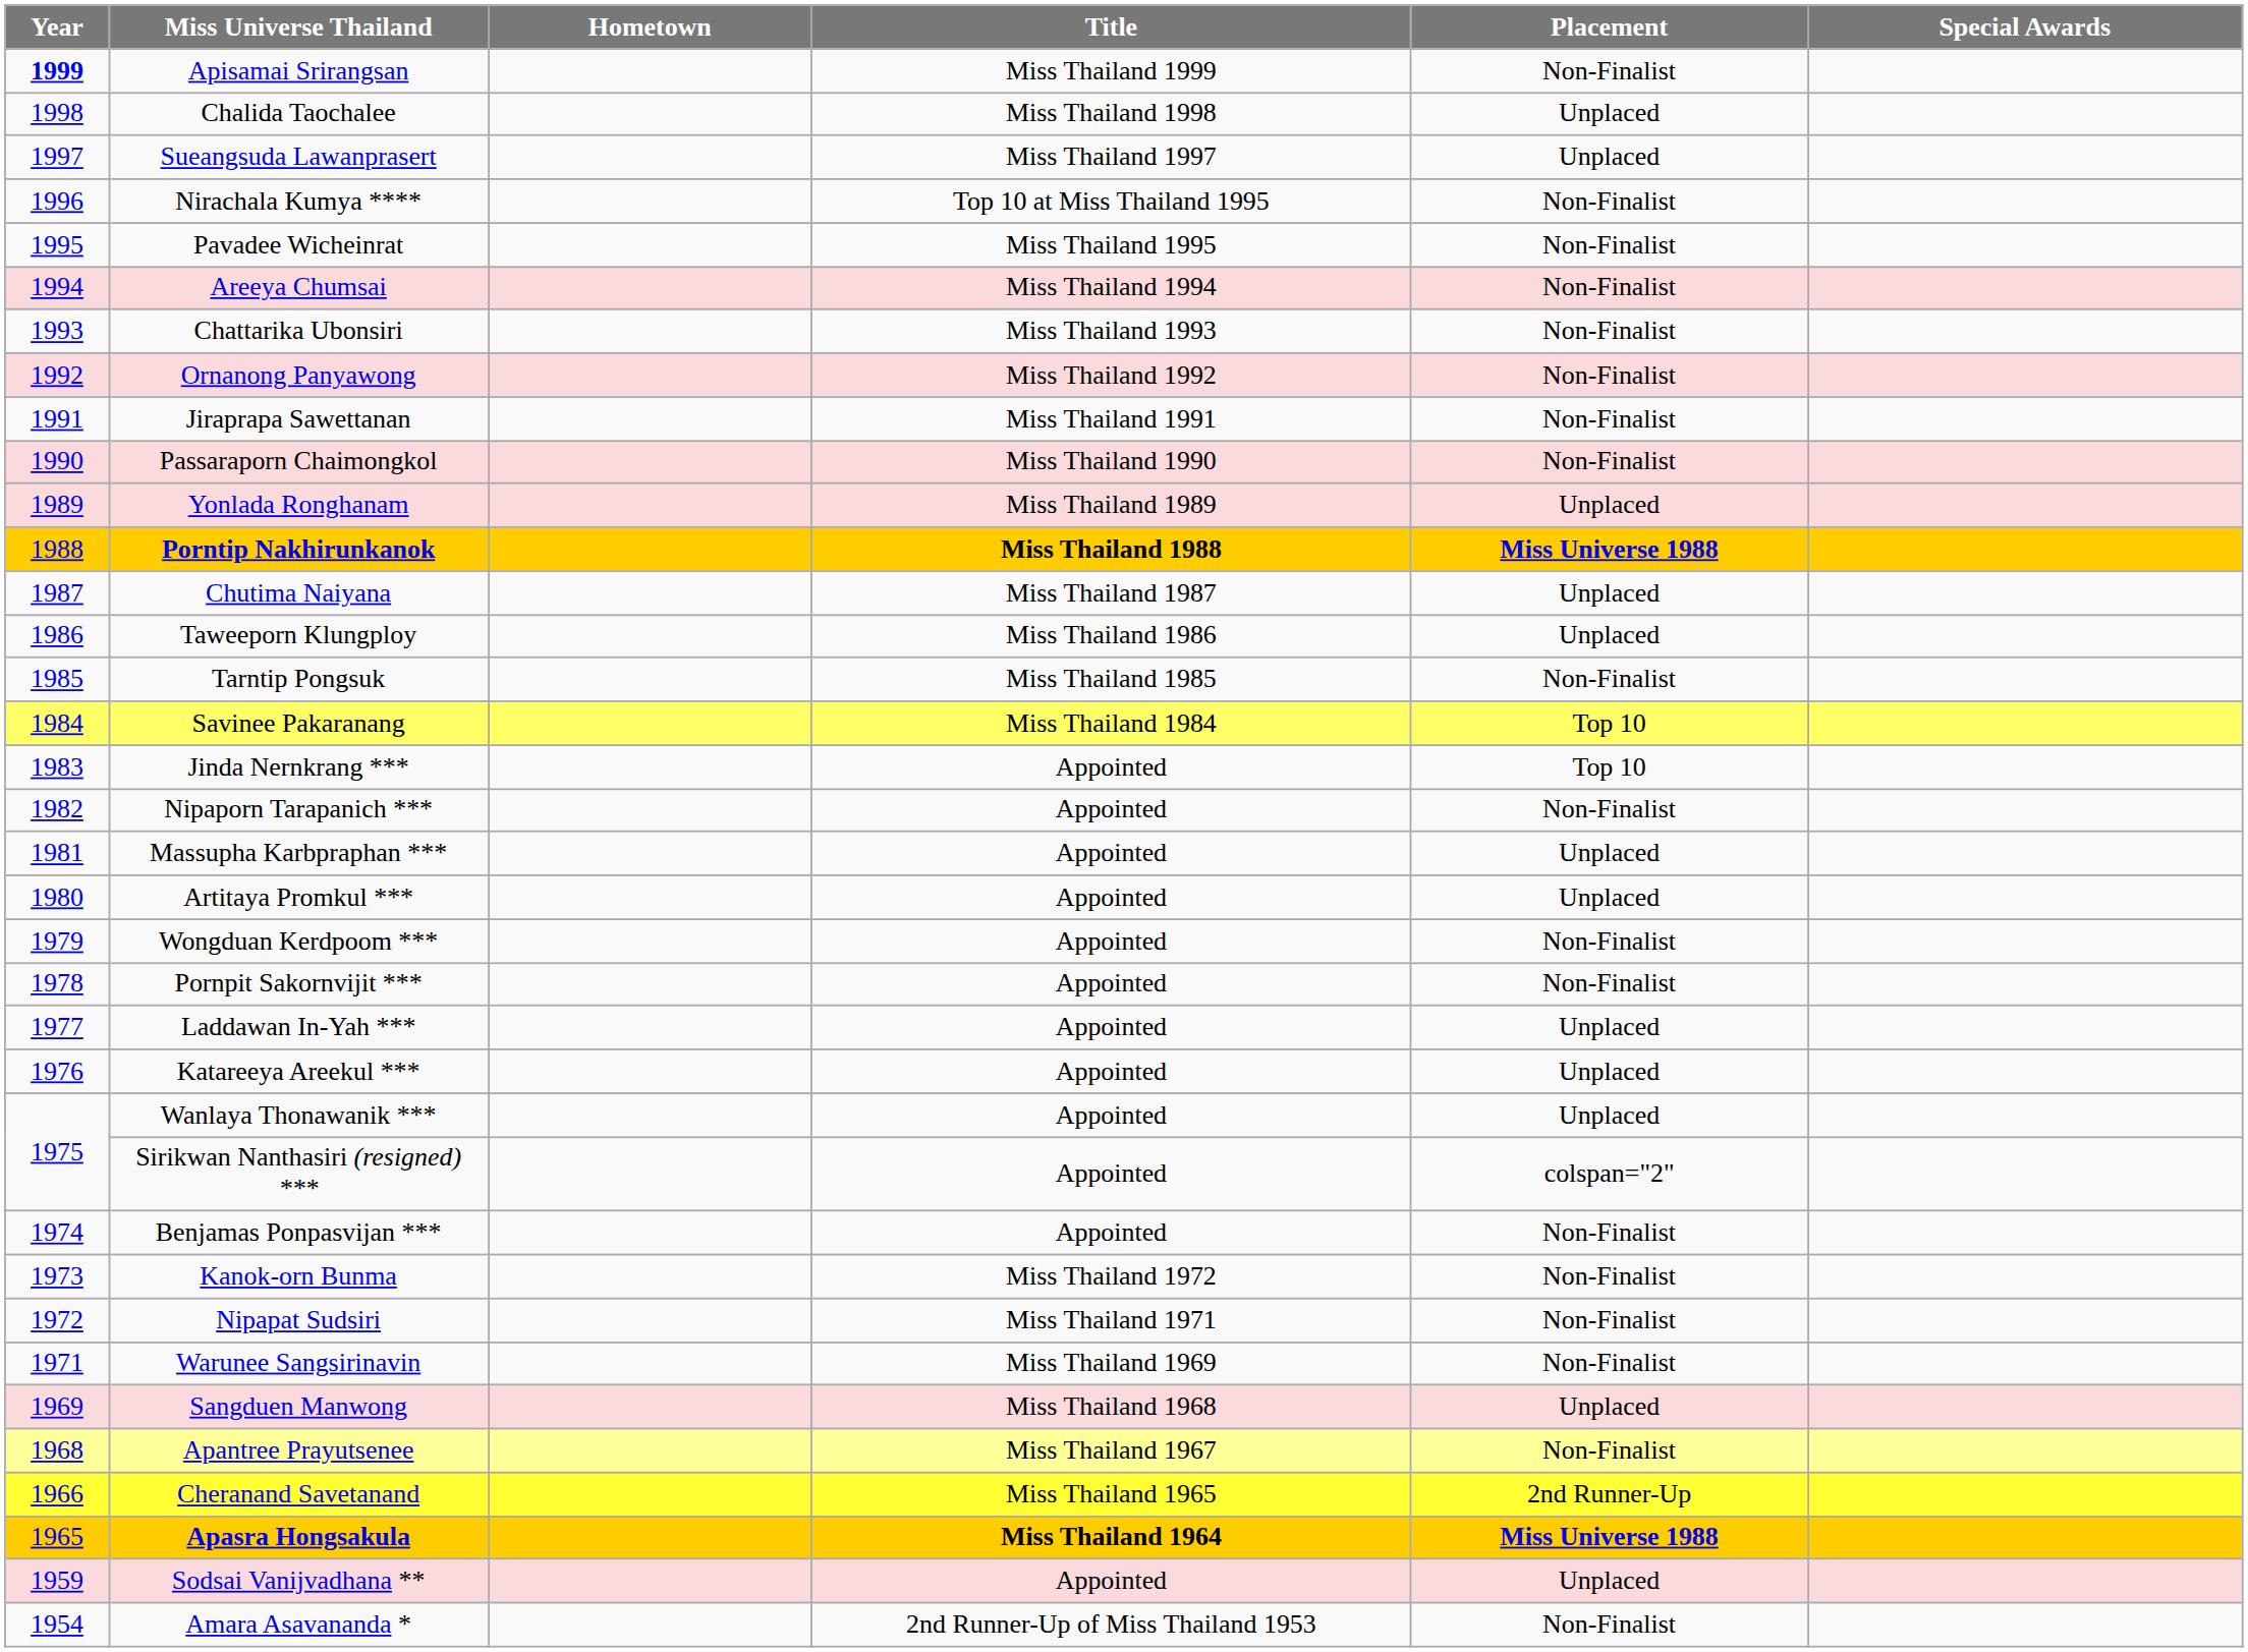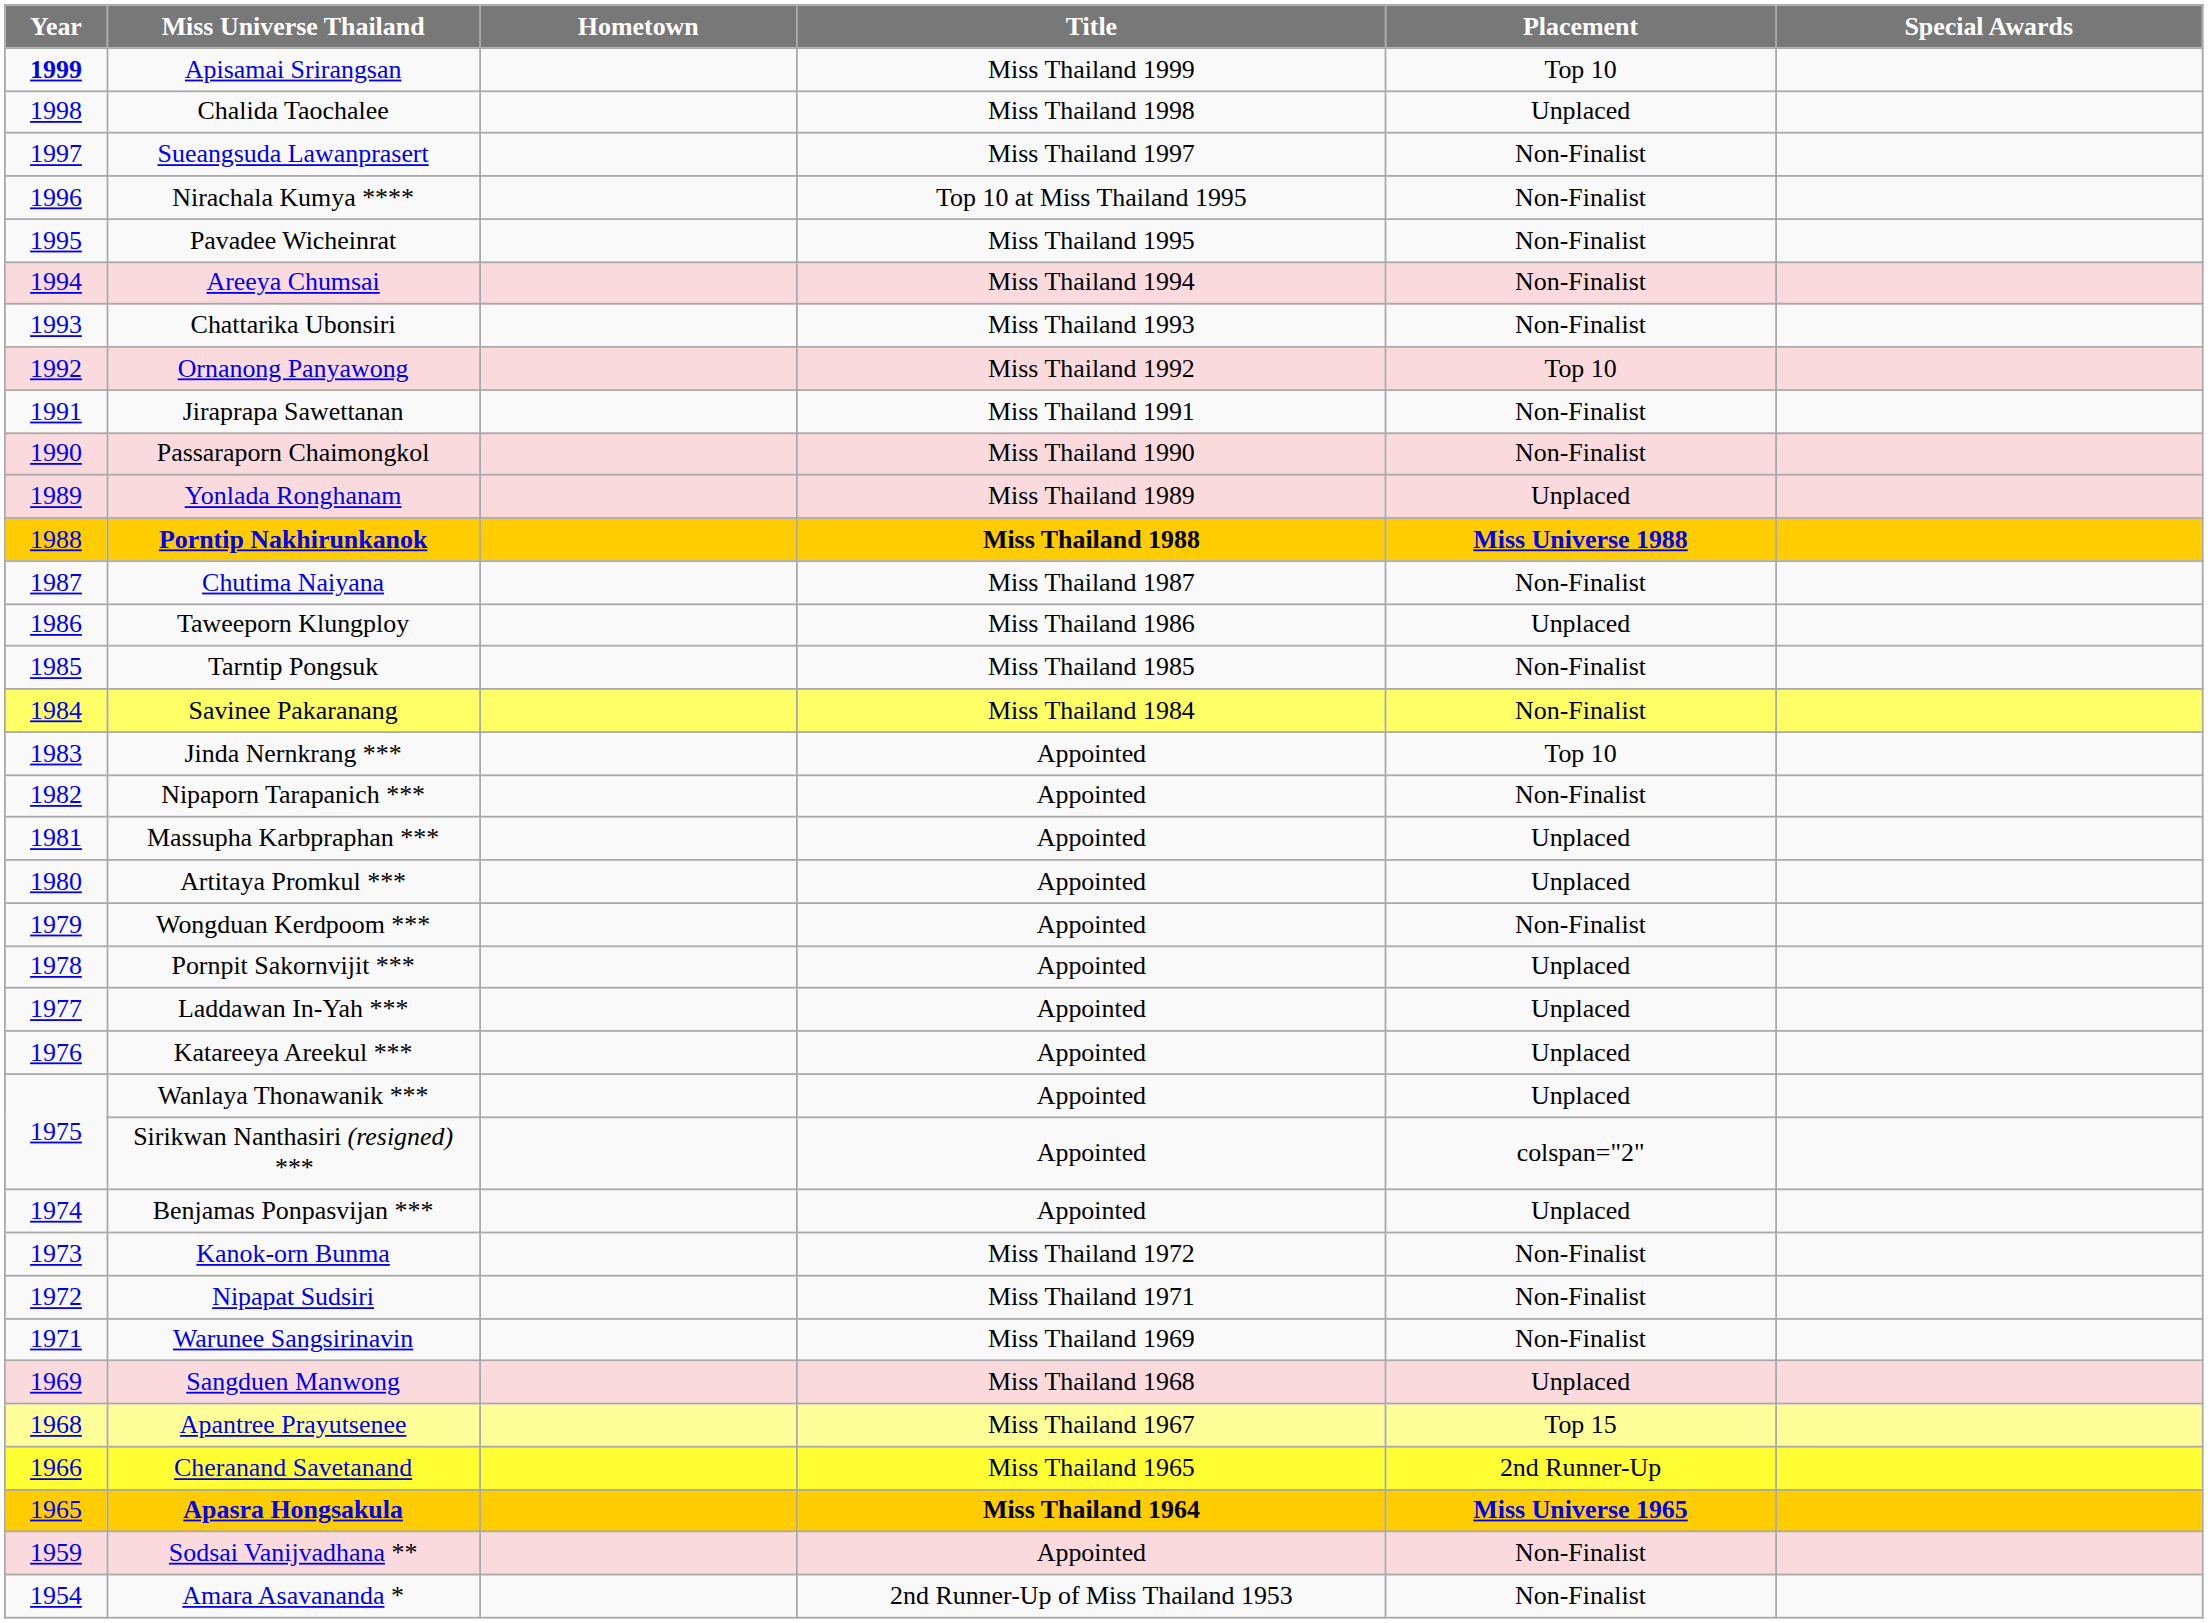 <table class="wikitable sortable" style="font-size: 90%; text-align:center">
 <tr>
 <th width="50" style="background-color:#787878;color:#FFFFFF;">Year</th>
 <th width="200" style="background-color:#787878;color:#FFFFFF;">Miss Universe Thailand</th>
 <th width="170" style="background-color:#787878;color:#FFFFFF;">Hometown</th>
 <th width="320" style="background-color:#787878;color:#FFFFFF;">Title</th>
 <th width="210" style="background-color:#787878;color:#FFFFFF;">Placement</th>
 <th width="230" style="background-color:#787878;color:#FFFFFF;">Special Awards</th>
 </tr>
 <tr>
 <td><strong><a href='#'>1999</a></strong></td>
 <td><a href='#'>Apisamai Srirangsan</a></td>
 <td align=left></td>
 <td>Miss Thailand 1999</td>
-<td align="center">Non-Finalist</td>
+<td align="center">Top 10</td>
 <td></td>
 </tr>
 <tr>
 <td><a href='#'>1998</a></td>
 <td>Chalida Taochalee</td>
 <td align=left></td>
 <td>Miss Thailand 1998</td>
 <td align="center">Unplaced</td>
 <td></td>
 </tr>
 <tr>
 <td><a href='#'>1997</a></td>
 <td><a href='#'>Sueangsuda Lawanprasert</a></td>
 <td align=left></td>
 <td>Miss Thailand 1997</td>
-<td align="center">Unplaced</td>
+<td align="center">Non-Finalist</td>
 <td></td>
 </tr>
 <tr>
 <td><a href='#'>1996</a></td>
 <td>Nirachala Kumya ****</td>
 <td align=left></td>
 <td>Top 10 at Miss Thailand 1995</td>
 <td align="center">Non-Finalist</td>
 <td></td>
 </tr>
 <tr>
 <td><a href='#'>1995</a></td>
 <td>Pavadee Wicheinrat</td>
 <td align=left></td>
 <td>Miss Thailand 1995</td>
 <td align="center">Non-Finalist</td>
 <td></td>
 </tr>
 <tr style="background-color:#FADADD;: bold">
 <td><a href='#'>1994</a></td>
 <td><a href='#'>Areeya Chumsai</a></td>
 <td align=left></td>
 <td>Miss Thailand 1994</td>
 <td align="center">Non-Finalist</td>
 <td style="background:;"></td>
 </tr>
 <tr>
 <td><a href='#'>1993</a></td>
 <td>Chattarika Ubonsiri</td>
 <td align=left></td>
 <td>Miss Thailand 1993</td>
 <td align="center">Non-Finalist</td>
 <td style="background:;"></td>
 </tr>
 <tr style="background-color:#FADADD;: bold">
 <td><a href='#'>1992</a></td>
 <td><a href='#'>Ornanong Panyawong</a></td>
 <td align=left></td>
 <td>Miss Thailand 1992</td>
-<td align="center">Non-Finalist</td>
+<td align="center">Top 10</td>
 <td style="background:;"></td>
 </tr>
 <tr>
 <td><a href='#'>1991</a></td>
 <td>Jiraprapa Sawettanan</td>
 <td align=left></td>
 <td>Miss Thailand 1991</td>
 <td align="center">Non-Finalist</td>
 <td></td>
 </tr>
 <tr style="background-color:#FADADD;: bold">
 <td><a href='#'>1990</a></td>
 <td>Passaraporn Chaimongkol</td>
 <td align=left></td>
 <td>Miss Thailand 1990</td>
 <td align="center">Non-Finalist</td>
 <td style="background:;"></td>
 </tr>
 <tr style="background-color:#FADADD;: bold">
 <td><a href='#'>1989</a></td>
 <td><a href='#'>Yonlada Ronghanam</a></td>
 <td align=left></td>
 <td>Miss Thailand 1989</td>
 <td align="center">Unplaced</td>
 <td style="background:;"></td>
 </tr>
 <tr style="background-color:#FFCC00;: bold">
 <td><a href='#'>1988</a></td>
 <td><strong><a href='#'>Porntip Nakhirunkanok</a></strong></td>
 <td align=left><strong></strong></td>
 <td><strong>Miss Thailand 1988</strong></td>
 <td align="center"><strong><a href='#'>Miss Universe 1988</a></strong></td>
 <td style="background:;"></td>
 </tr>
 <tr>
 <td><a href='#'>1987</a></td>
 <td><a href='#'>Chutima Naiyana</a></td>
 <td align=left></td>
 <td>Miss Thailand 1987</td>
-<td align="center">Unplaced</td>
+<td align="center">Non-Finalist</td>
 <td></td>
 </tr>
 <tr>
 <td><a href='#'>1986</a></td>
 <td>Taweeporn Klungploy</td>
 <td align=left></td>
 <td>Miss Thailand 1986</td>
 <td align="center">Unplaced</td>
 <td></td>
 </tr>
 <tr>
 <td><a href='#'>1985</a></td>
 <td>Tarntip Pongsuk</td>
 <td align=left></td>
 <td>Miss Thailand 1985</td>
 <td align="center">Non-Finalist</td>
 <td></td>
 </tr>
 <tr style="background-color:#FFFF66;: bold">
 <td><a href='#'>1984</a></td>
 <td>Savinee Pakaranang</td>
 <td align=left></td>
 <td>Miss Thailand 1984</td>
-<td align="center">Top 10</td>
+<td align="center">Non-Finalist</td>
 <td></td>
 </tr>
 <tr>
 <td><a href='#'>1983</a></td>
 <td>Jinda Nernkrang ***</td>
 <td align=left></td>
 <td>Appointed</td>
 <td align="center">Top 10</td>
 <td></td>
 </tr>
 <tr>
 <td><a href='#'>1982</a></td>
 <td>Nipaporn Tarapanich ***</td>
 <td align=left></td>
 <td>Appointed</td>
 <td align="center">Non-Finalist</td>
 <td></td>
 </tr>
 <tr>
 <td><a href='#'>1981</a></td>
 <td>Massupha Karbpraphan ***</td>
 <td align=left></td>
 <td>Appointed</td>
 <td align="center">Unplaced</td>
 <td></td>
 </tr>
 <tr>
 <td><a href='#'>1980</a></td>
 <td>Artitaya Promkul ***</td>
 <td align=left></td>
 <td>Appointed</td>
 <td align="center">Unplaced</td>
 <td></td>
 </tr>
 <tr>
 <td><a href='#'>1979</a></td>
 <td>Wongduan Kerdpoom ***</td>
 <td align=left></td>
 <td>Appointed</td>
 <td align="center">Non-Finalist</td>
 <td></td>
 </tr>
 <tr>
 <td><a href='#'>1978</a></td>
 <td>Pornpit Sakornvijit ***</td>
 <td align=left></td>
 <td>Appointed</td>
-<td align="center">Non-Finalist</td>
+<td align="center">Unplaced</td>
 <td></td>
 </tr>
 <tr>
 <td><a href='#'>1977</a></td>
 <td>Laddawan In-Yah ***</td>
 <td align=left></td>
 <td>Appointed</td>
 <td align="center">Unplaced</td>
 <td></td>
 </tr>
 <tr>
 <td><a href='#'>1976</a></td>
 <td>Katareeya Areekul ***</td>
 <td align=left></td>
 <td>Appointed</td>
 <td align="center">Unplaced</td>
 <td></td>
 </tr>
 <tr>
 <td rowspan="2"><a href='#'>1975</a></td>
 <td>Wanlaya Thonawanik ***</td>
 <td align=left></td>
 <td>Appointed</td>
 <td align="center">Unplaced</td>
 <td></td>
 </tr>
 <tr>
 <td>Sirikwan Nanthasiri <em>(resigned) ***</em></td>
 <td align=left></td>
 <td>Appointed</td>
 <td>colspan="2" </td>
 </tr>
 <tr>
 <td><a href='#'>1974</a></td>
 <td>Benjamas Ponpasvijan ***</td>
 <td align=left></td>
 <td>Appointed</td>
-<td align="center">Non-Finalist</td>
+<td align="center">Unplaced</td>
 <td></td>
 </tr>
 <tr>
 <td><a href='#'>1973</a></td>
 <td><a href='#'>Kanok-orn Bunma</a></td>
 <td align=left></td>
 <td>Miss Thailand 1972</td>
 <td align="center">Non-Finalist</td>
 <td></td>
 </tr>
 <tr>
 <td><a href='#'>1972</a></td>
 <td><a href='#'>Nipapat Sudsiri</a></td>
 <td align=left></td>
 <td>Miss Thailand 1971</td>
 <td align="center">Non-Finalist</td>
 <td></td>
 </tr>
 <tr>
 <td><a href='#'>1971</a></td>
 <td><a href='#'>Warunee Sangsirinavin</a></td>
 <td align=left></td>
 <td>Miss Thailand 1969</td>
 <td align="center">Non-Finalist</td>
 <td></td>
 </tr>
 <tr style="background-color:#FADADD;: bold">
 <td><a href='#'>1969</a></td>
 <td><a href='#'>Sangduen Manwong</a></td>
 <td align=left></td>
 <td>Miss Thailand 1968</td>
 <td align="center">Unplaced</td>
 <td style="background:;"></td>
 </tr>
 <tr style="background-color:#FFFF99;: bold">
 <td><a href='#'>1968</a></td>
 <td><a href='#'>Apantree Prayutsenee</a></td>
 <td align=left></td>
 <td>Miss Thailand 1967</td>
-<td align="center">Non-Finalist</td>
+<td align="center">Top 15</td>
 <td></td>
 </tr>
 <tr style="background-color:#FFFF33;: bold">
 <td><a href='#'>1966</a></td>
 <td><a href='#'>Cheranand Savetanand</a></td>
 <td align=left></td>
 <td>Miss Thailand 1965</td>
 <td align="center">2nd Runner-Up</td>
 <td></td>
 </tr>
 <tr style="background-color:#FFCC00;: bold">
 <td><a href='#'>1965</a></td>
 <td><strong><a href='#'>Apasra Hongsakula</a></strong></td>
 <td align=left><strong></strong></td>
 <td><strong>Miss Thailand 1964</strong></td>
-<td align="center"><strong><a href='#'>Miss Universe 1988</a></strong></td>
+<td align="center"><strong><a href='#'>Miss Universe 1965</a></strong></td>
 <td></td>
 </tr>
 <tr style="background-color:#FADADD;: bold">
 <td><a href='#'>1959</a></td>
 <td><a href='#'>Sodsai Vanijvadhana</a> **</td>
 <td align=left></td>
 <td>Appointed</td>
-<td align="center">Unplaced</td>
+<td align="center">Non-Finalist</td>
 <td style="background:;"></td>
 </tr>
 <tr>
 <td><a href='#'>1954</a></td>
 <td><a href='#'>Amara Asavananda</a> *</td>
 <td align=left></td>
 <td>2nd Runner-Up of Miss Thailand 1953</td>
 <td align="center">Non-Finalist</td>
 <td></td>
 </tr>
 </table>
